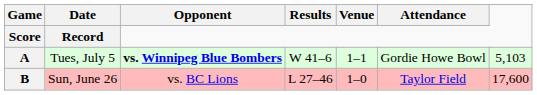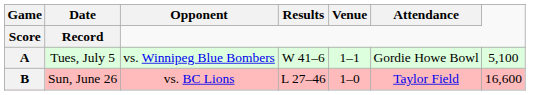 <table class="wikitable" style="text-align:center">
 <tr>
 <th>Game</th>
 <th>Date</th>
 <th>Opponent</th>
 <th>Results</th>
 <th>Venue</th>
 <th>Attendance</th>
 </tr>
 <tr>
 <th>Score</th>
 <th>Record</th>
 </tr>
 <tr style="background:#ddffdd">
 <th>A</th>
 <td>Tues, July 5</td>
-<td><strong>vs. <a href='#'>Winnipeg Blue Bombers</a></strong></td>
+<td>vs. <a href='#'>Winnipeg Blue Bombers</a></td>
 <td>W 41–6</td>
 <td>1–1</td>
 <td>Gordie Howe Bowl</td>
-<td>5,103</td>
+<td>5,100</td>
 </tr>
 <tr style="background:#ffbbbb">
 <th>B</th>
 <td>Sun, June 26</td>
 <td>vs. <a href='#'>BC Lions</a></td>
 <td>L 27–46</td>
 <td>1–0</td>
 <td><a href='#'>Taylor Field</a></td>
-<td>17,600</td>
+<td>16,600</td>
 </tr>
 </table>
